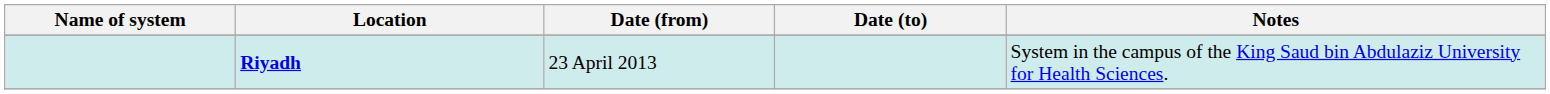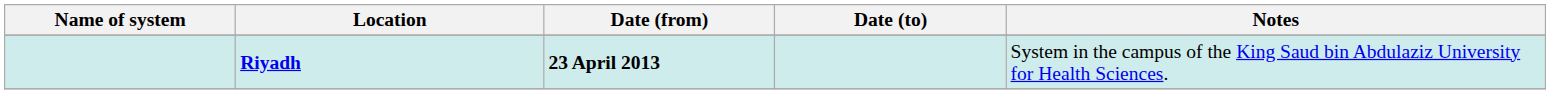 <table class="wikitable" width=100%>
 <tr>
 <th width=15%>Name of system</th>
 <th width=20%>Location</th>
 <th width=15%>Date (from)</th>
 <th width=15%>Date (to)</th>
 <th width=35%>Notes</th>
 </tr>
 <tr>
 </tr>
 <tr style="background:#CFECEC">
 <td> </td>
 <td><strong><a href='#'>Riyadh</a></strong></td>
-<td>23 April 2013</td>
+<td><strong>23 April 2013</strong></td>
 <td> </td>
 <td>System in the campus of the <a href='#'>King Saud bin Abdulaziz University for Health Sciences</a>.</td>
 </tr>
 <tr>
 </tr>
 </table>
